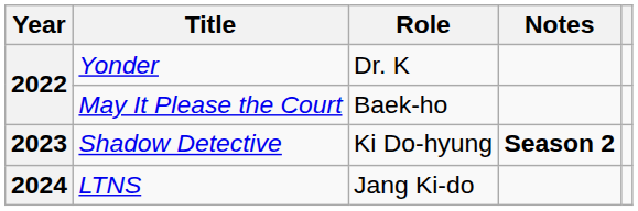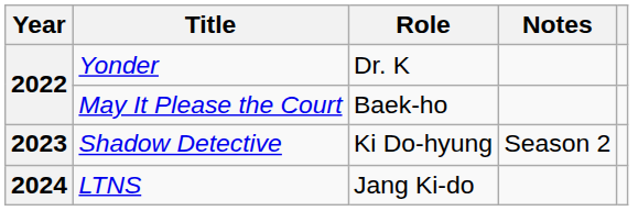 <table class="wikitable plainrowheaders sortable">
 <tr>
 <th scope="col">Year</th>
 <th scope="col">Title</th>
 <th scope="col">Role</th>
 <th scope="col">Notes</th>
 <th scope="col" class="unsortable"></th>
 </tr>
 <tr>
 <th scope="row" rowspan="2">2022</th>
 <td><em><a href='#'>Yonder</a></em></td>
 <td>Dr. K</td>
 <td></td>
 <td style="text-align:center"></td>
 </tr>
 <tr>
 <td><em><a href='#'>May It Please the Court</a></em></td>
 <td>Baek-ho</td>
 <td></td>
 <td style="text-align:center"></td>
 </tr>
 <tr>
 <th scope="row">2023</th>
 <td><em><a href='#'>Shadow Detective</a></em></td>
 <td>Ki Do-hyung</td>
-<td><strong>Season 2</strong></td>
+<td>Season 2</td>
 <td style="text-align:center"></td>
 </tr>
 <tr>
 <th scope="row">2024</th>
 <td><em><a href='#'>LTNS</a></em></td>
 <td>Jang Ki-do</td>
 <td></td>
 <td style="text-align:center"></td>
 </tr>
 </table>
